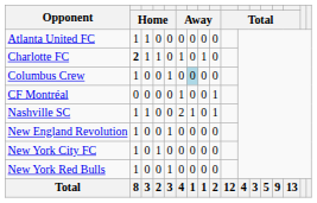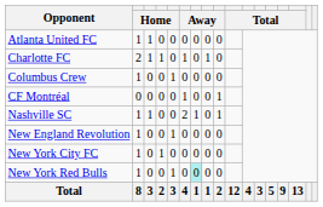 <table class="wikitable plainrowheaders sortable" style="text-align:center">
 <tr>
 <th rowspan="2" scope="col">Opponent</th>
 <th scope="col"></th>
 <th scope="col"></th>
 <th scope="col"></th>
 <th scope="col"></th>
 <th scope="col"></th>
 <th scope="col"></th>
 <th scope="col"></th>
 <th scope="col"></th>
 <th scope="col"></th>
 <th scope="col"></th>
 <th scope="col"></th>
 <th scope="col"></th>
 <th scope="col"></th>
 <th scope="col"></th>
 <th rowspan="2" scope="col"></th>
 <th rowspan="2"></th>
 </tr>
 <tr class="unsortable">
 <th colspan="4">Home</th>
 <th colspan="4">Away</th>
 <th colspan="6">Total</th>
 </tr>
 <tr>
 <td style="text-align:left"> <a href='#'>Atlanta United FC</a></td>
 <td>1</td>
 <td>1</td>
 <td>0</td>
 <td>0</td>
 <td>0</td>
 <td>0</td>
 <td>0</td>
 <td>0<br></td>
 <td></td>
 </tr>
 <tr>
 <td style="text-align:left"> <a href='#'>Charlotte FC</a></td>
-<td><strong>2</strong></td>
+<td>2</td>
 <td>1</td>
 <td>1</td>
 <td>0</td>
 <td>1</td>
 <td>0</td>
 <td>1</td>
 <td>0<br></td>
 <td></td>
 </tr>
 <tr>
 <td style="text-align:left"> <a href='#'>Columbus Crew</a></td>
 <td>1</td>
 <td>0</td>
 <td>0</td>
 <td>1</td>
 <td>0</td>
-<td style="background: lightblue;">0</td>
+<td>0</td>
 <td>0</td>
 <td>0<br></td>
 <td></td>
 </tr>
 <tr>
 <td style="text-align:left"> <a href='#'>CF Montréal</a></td>
 <td>0</td>
 <td>0</td>
 <td>0</td>
 <td>0</td>
 <td>1</td>
 <td>0</td>
 <td>0</td>
 <td>1<br></td>
 <td></td>
 </tr>
 <tr>
 <td style="text-align:left"> <a href='#'>Nashville SC</a></td>
 <td>1</td>
 <td>1</td>
 <td>0</td>
 <td>0</td>
 <td>2</td>
 <td>1</td>
 <td>0</td>
 <td>1<br></td>
 <td></td>
 </tr>
 <tr>
 <td style="text-align:left"> <a href='#'>New England Revolution</a></td>
 <td>1</td>
 <td>0</td>
 <td>0</td>
 <td>1</td>
 <td>0</td>
 <td>0</td>
 <td>0</td>
 <td>0<br></td>
 <td></td>
 </tr>
 <tr>
 <td style="text-align:left"> <a href='#'>New York City FC</a></td>
 <td>1</td>
 <td>0</td>
 <td>1</td>
 <td>0</td>
 <td>0</td>
 <td>0</td>
 <td>0</td>
 <td>0<br></td>
 <td></td>
 </tr>
 <tr>
 <td style="text-align:left"> <a href='#'>New York Red Bulls</a></td>
 <td>1</td>
 <td>0</td>
 <td>0</td>
 <td>1</td>
 <td>0</td>
-<td>0</td>
+<td style="background: paleturquoise;">0</td>
 <td>0</td>
 <td>0<br></td>
 <td></td>
 </tr>
 <tr>
 <th>Total</th>
 <th>8</th>
 <th>3</th>
 <th>2</th>
 <th>3</th>
 <th>4</th>
 <th>1</th>
 <th>1</th>
 <th>2</th>
 <th>12</th>
 <th>4</th>
 <th>3</th>
 <th>5</th>
 <th>9</th>
 <th>13</th>
 <th><br></th>
 <th></th>
 </tr>
 </table>
